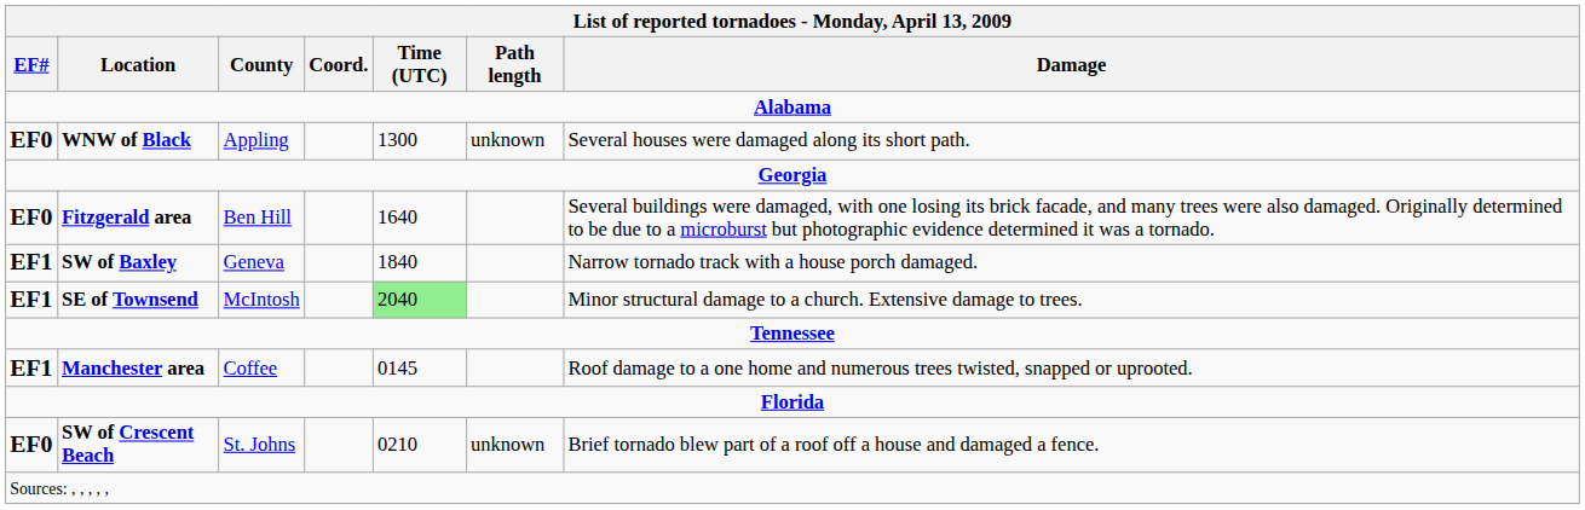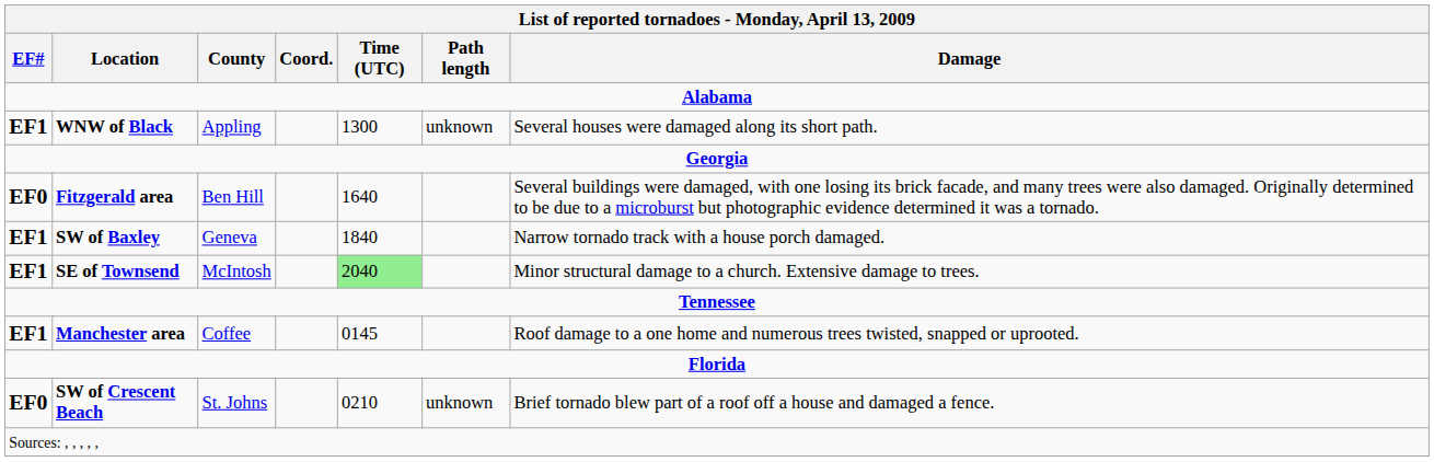 <table class="wikitable collapsible" width="100%">
 <tr>
 <th colspan="7">List of reported tornadoes - Monday, April 13, 2009</th>
 </tr>
 <tr>
 <th><a href='#'>EF#</a></th>
 <th>Location</th>
 <th>County</th>
 <th>Coord.</th>
 <th>Time (UTC)</th>
 <th>Path length</th>
 <th>Damage</th>
 </tr>
 <tr>
 <td colspan="7" align=center><strong><a href='#'>Alabama</a></strong></td>
 </tr>
 <tr>
-<td><big><strong>EF0</strong></big></td>
+<td><big><strong>EF1</strong></big></td>
 <td><strong>WNW of <a href='#'>Black</a></strong></td>
 <td><a href='#'>Appling</a></td>
 <td></td>
 <td>1300</td>
 <td>unknown</td>
 <td>Several houses were damaged along its short path.</td>
 </tr>
 <tr>
 <td colspan="7" align=center><strong><a href='#'>Georgia</a></strong></td>
 </tr>
 <tr>
 <td><big><strong>EF0</strong></big></td>
 <td><strong><a href='#'>Fitzgerald</a> area</strong></td>
 <td><a href='#'>Ben Hill</a></td>
 <td></td>
 <td>1640</td>
 <td></td>
 <td>Several buildings were damaged, with one losing its brick facade, and many trees were also damaged. Originally determined to be due to a <a href='#'>microburst</a> but photographic evidence determined it was a tornado.</td>
 </tr>
 <tr>
 <td><big><strong>EF1</strong></big></td>
 <td><strong>SW of <a href='#'>Baxley</a></strong></td>
 <td><a href='#'>Geneva</a></td>
 <td></td>
 <td>1840</td>
 <td></td>
 <td>Narrow tornado track with a house porch damaged.</td>
 </tr>
 <tr>
 <td><big><strong>EF1</strong></big></td>
 <td><strong>SE of <a href='#'>Townsend</a></strong></td>
 <td><a href='#'>McIntosh</a></td>
 <td></td>
 <td style="background: lightgreen;">2040</td>
 <td></td>
 <td>Minor structural damage to a church. Extensive damage to trees.</td>
 </tr>
 <tr>
 <td colspan="7" align=center><strong><a href='#'>Tennessee</a></strong></td>
 </tr>
 <tr>
 <td><big><strong>EF1</strong></big></td>
 <td><strong><a href='#'>Manchester</a> area</strong></td>
 <td><a href='#'>Coffee</a></td>
 <td></td>
 <td>0145</td>
 <td></td>
 <td>Roof damage to a one home and numerous trees twisted, snapped or uprooted.</td>
 </tr>
 <tr>
 <td colspan="7" align=center><strong><a href='#'>Florida</a></strong></td>
 </tr>
 <tr>
 <td><big><strong>EF0</strong></big></td>
 <td><strong>SW of <a href='#'>Crescent Beach</a></strong></td>
 <td><a href='#'>St. Johns</a></td>
 <td></td>
 <td>0210</td>
 <td>unknown</td>
 <td>Brief tornado blew part of a roof off a house and damaged a fence.</td>
 </tr>
 <tr>
 <td colspan="7"><small>Sources: , , , , , </small></td>
 </tr>
 <tr>
 </tr>
 </table>
